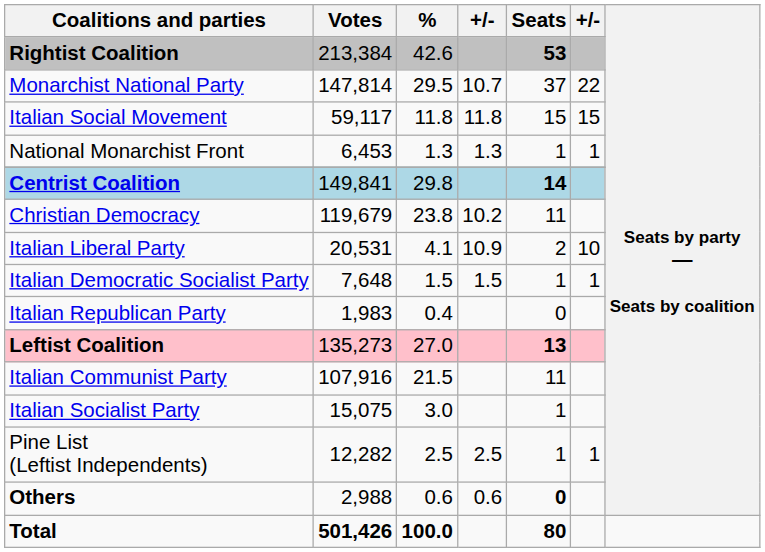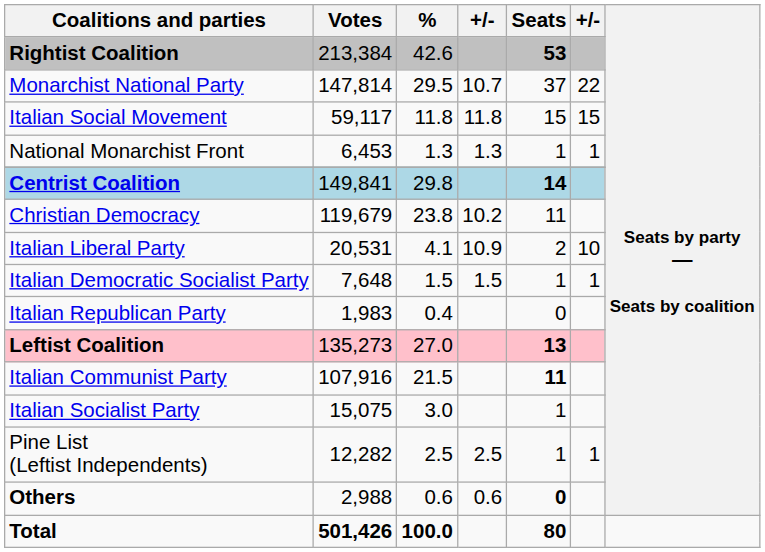 <table class="wikitable">
 <tr>
 <th>Coalitions and parties</th>
 <th>Votes</th>
 <th>%</th>
 <th>+/-</th>
 <th>Seats</th>
 <th>+/-</th>
 <th rowspan="16"><br><small>Seats by party</small><br>—<br><br><small>Seats by coalition</small></th>
 </tr>
 <tr style="background:silver">
 <td><strong>Rightist Coalition</strong></td>
 <td align=right>213,384</td>
 <td align=right>42.6</td>
 <td align=right></td>
 <td align=right><strong>53</strong></td>
 <td align=right></td>
 </tr>
 <tr>
 <td><a href='#'>Monarchist National Party</a></td>
 <td align=right>147,814</td>
 <td align=right>29.5</td>
 <td align=right> 10.7</td>
 <td align=right>37</td>
 <td align=right> 22</td>
 </tr>
 <tr>
 <td><a href='#'>Italian Social Movement</a></td>
 <td align=right>59,117</td>
 <td align=right>11.8</td>
 <td align=right> 11.8</td>
 <td align=right>15</td>
 <td align=right> 15</td>
 </tr>
 <tr>
 <td>National Monarchist Front</td>
 <td align=right>6,453</td>
 <td align=right>1.3</td>
 <td align=right> 1.3</td>
 <td align=right>1</td>
 <td align=right> 1</td>
 </tr>
 <tr>
 </tr>
 <tr style="background:lightblue">
 <td><strong><a href='#'>Centrist Coalition</a></strong></td>
 <td align=right>149,841</td>
 <td align=right>29.8</td>
 <td align=right></td>
 <td align=right><strong>14</strong></td>
 <td align=right></td>
 </tr>
 <tr>
 <td><a href='#'>Christian Democracy</a></td>
 <td align=right>119,679</td>
 <td align=right>23.8</td>
 <td align=right> 10.2</td>
 <td align=right>11</td>
 <td align=right></td>
 </tr>
 <tr>
 <td><a href='#'>Italian Liberal Party</a></td>
 <td align=right>20,531</td>
 <td align=right>4.1</td>
 <td align=right> 10.9</td>
 <td align=right>2</td>
 <td align=right> 10</td>
 </tr>
 <tr>
 <td><a href='#'>Italian Democratic Socialist Party</a></td>
 <td align=right>7,648</td>
 <td align=right>1.5</td>
 <td align=right> 1.5</td>
 <td align=right>1</td>
 <td align=right> 1</td>
 </tr>
 <tr>
 <td><a href='#'>Italian Republican Party</a></td>
 <td align=right>1,983</td>
 <td align=right>0.4</td>
 <td align=right></td>
 <td align=right>0</td>
 <td align=right></td>
 </tr>
 <tr style="background:pink">
 <td><strong>Leftist Coalition</strong></td>
 <td align=right>135,273</td>
 <td align=right>27.0</td>
 <td align=right></td>
 <td align=right><strong>13</strong></td>
 <td align=right></td>
 </tr>
 <tr>
 <td><a href='#'>Italian Communist Party</a></td>
 <td align=right>107,916</td>
 <td align=right>21.5</td>
 <td align=right></td>
-<td align=right>11</td>
+<td align=right><strong>11</strong></td>
 <td align=right></td>
 </tr>
 <tr>
 <td><a href='#'>Italian Socialist Party</a></td>
 <td align=right>15,075</td>
 <td align=right>3.0</td>
 <td align=right></td>
 <td align=right>1</td>
 <td align=right></td>
 </tr>
 <tr>
 <td>Pine List<br>(Leftist Independents)</td>
 <td align=right>12,282</td>
 <td align=right>2.5</td>
 <td align=right> 2.5</td>
 <td align=right>1</td>
 <td align=right> 1</td>
 </tr>
 <tr style="background:">
 <td><strong>Others</strong></td>
 <td align=right>2,988</td>
 <td align=right>0.6</td>
 <td align=right> 0.6</td>
 <td align=right><strong>0</strong></td>
 <td align=right></td>
 </tr>
 <tr>
 <td><strong>Total</strong></td>
 <td align=right><strong>501,426</strong></td>
 <td align=right><strong>100.0</strong></td>
 <td align=right></td>
 <td align=right><strong>80</strong></td>
 <td align=right></td>
 </tr>
 </table>
